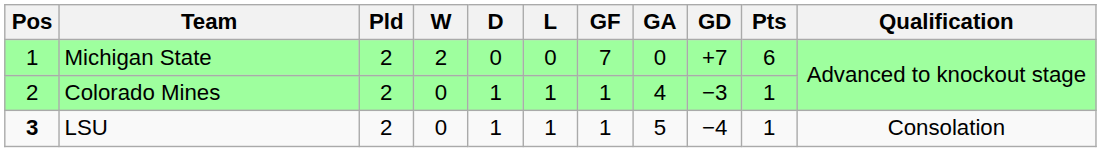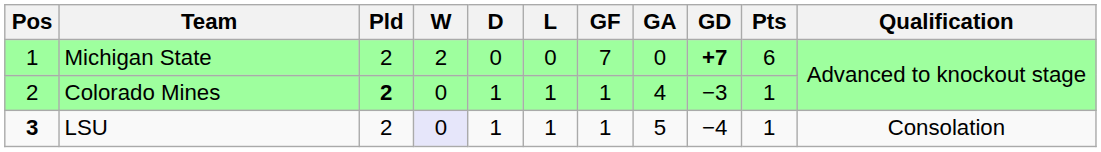 <table class="wikitable" style="text-align:center; margin: 1em auto">
 <tr>
 <th style="width:2em">Pos</th>
 <th style="width:13em">Team</th>
 <th style="width:2em">Pld</th>
 <th style="width:2em">W</th>
 <th style="width:2em">D</th>
 <th style="width:2em">L</th>
 <th style="width:2em">GF</th>
 <th style="width:2em">GA</th>
 <th style="width:2em">GD</th>
 <th style="width:2em">Pts</th>
 <th style="width:13em">Qualification</th>
 </tr>
 <tr bgcolor="#9eff9e">
 <td>1</td>
 <td style="text-align:left">Michigan State</td>
 <td>2</td>
 <td>2</td>
 <td>0</td>
 <td>0</td>
 <td>7</td>
 <td>0</td>
-<td>+7</td>
+<td><strong>+7</strong></td>
 <td>6</td>
 <td rowspan="2">Advanced to knockout stage</td>
 </tr>
 <tr bgcolor="#9eff9e">
 <td>2</td>
 <td style="text-align:left">Colorado Mines</td>
-<td>2</td>
+<td><strong>2</strong></td>
 <td>0</td>
 <td>1</td>
 <td>1</td>
 <td>1</td>
 <td>4</td>
 <td>−3</td>
 <td>1</td>
 </tr>
 <tr>
 <td><strong>3</strong></td>
 <td style="text-align:left">LSU</td>
 <td>2</td>
-<td>0</td>
+<td style="background: lavender;">0</td>
 <td>1</td>
 <td>1</td>
 <td>1</td>
 <td>5</td>
 <td>−4</td>
 <td>1</td>
 <td>Consolation</td>
 </tr>
 </table>
